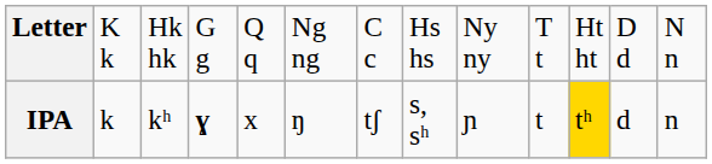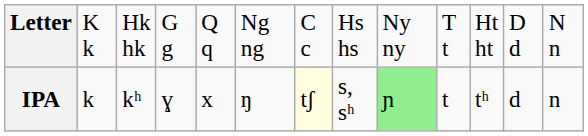 <table class="wikitable" width="400">
 <tr valign="top">
 <th>Letter</th>
 <td>K k</td>
 <td>Hk<br>hk</td>
 <td>G g</td>
 <td>Q q</td>
 <td>Ng ng</td>
 <td>C c</td>
 <td>Hs<br>hs</td>
 <td>Ny ny</td>
 <td>T t</td>
 <td>Ht<br>ht</td>
 <td>D d</td>
 <td>N n</td>
 </tr>
 <tr>
 <th>IPA</th>
 <td>k</td>
 <td>kʰ</td>
-<td><strong>ɣ</strong></td>
+<td>ɣ</td>
 <td>x</td>
 <td>ŋ</td>
-<td>tʃ</td>
+<td style="background: lightyellow;">tʃ</td>
 <td>s, sʰ</td>
-<td>ɲ</td>
+<td style="background: lightgreen;">ɲ</td>
 <td>t</td>
-<td style="background: gold;">tʰ</td>
+<td>tʰ</td>
 <td>d</td>
 <td>n</td>
 </tr>
 </table>
